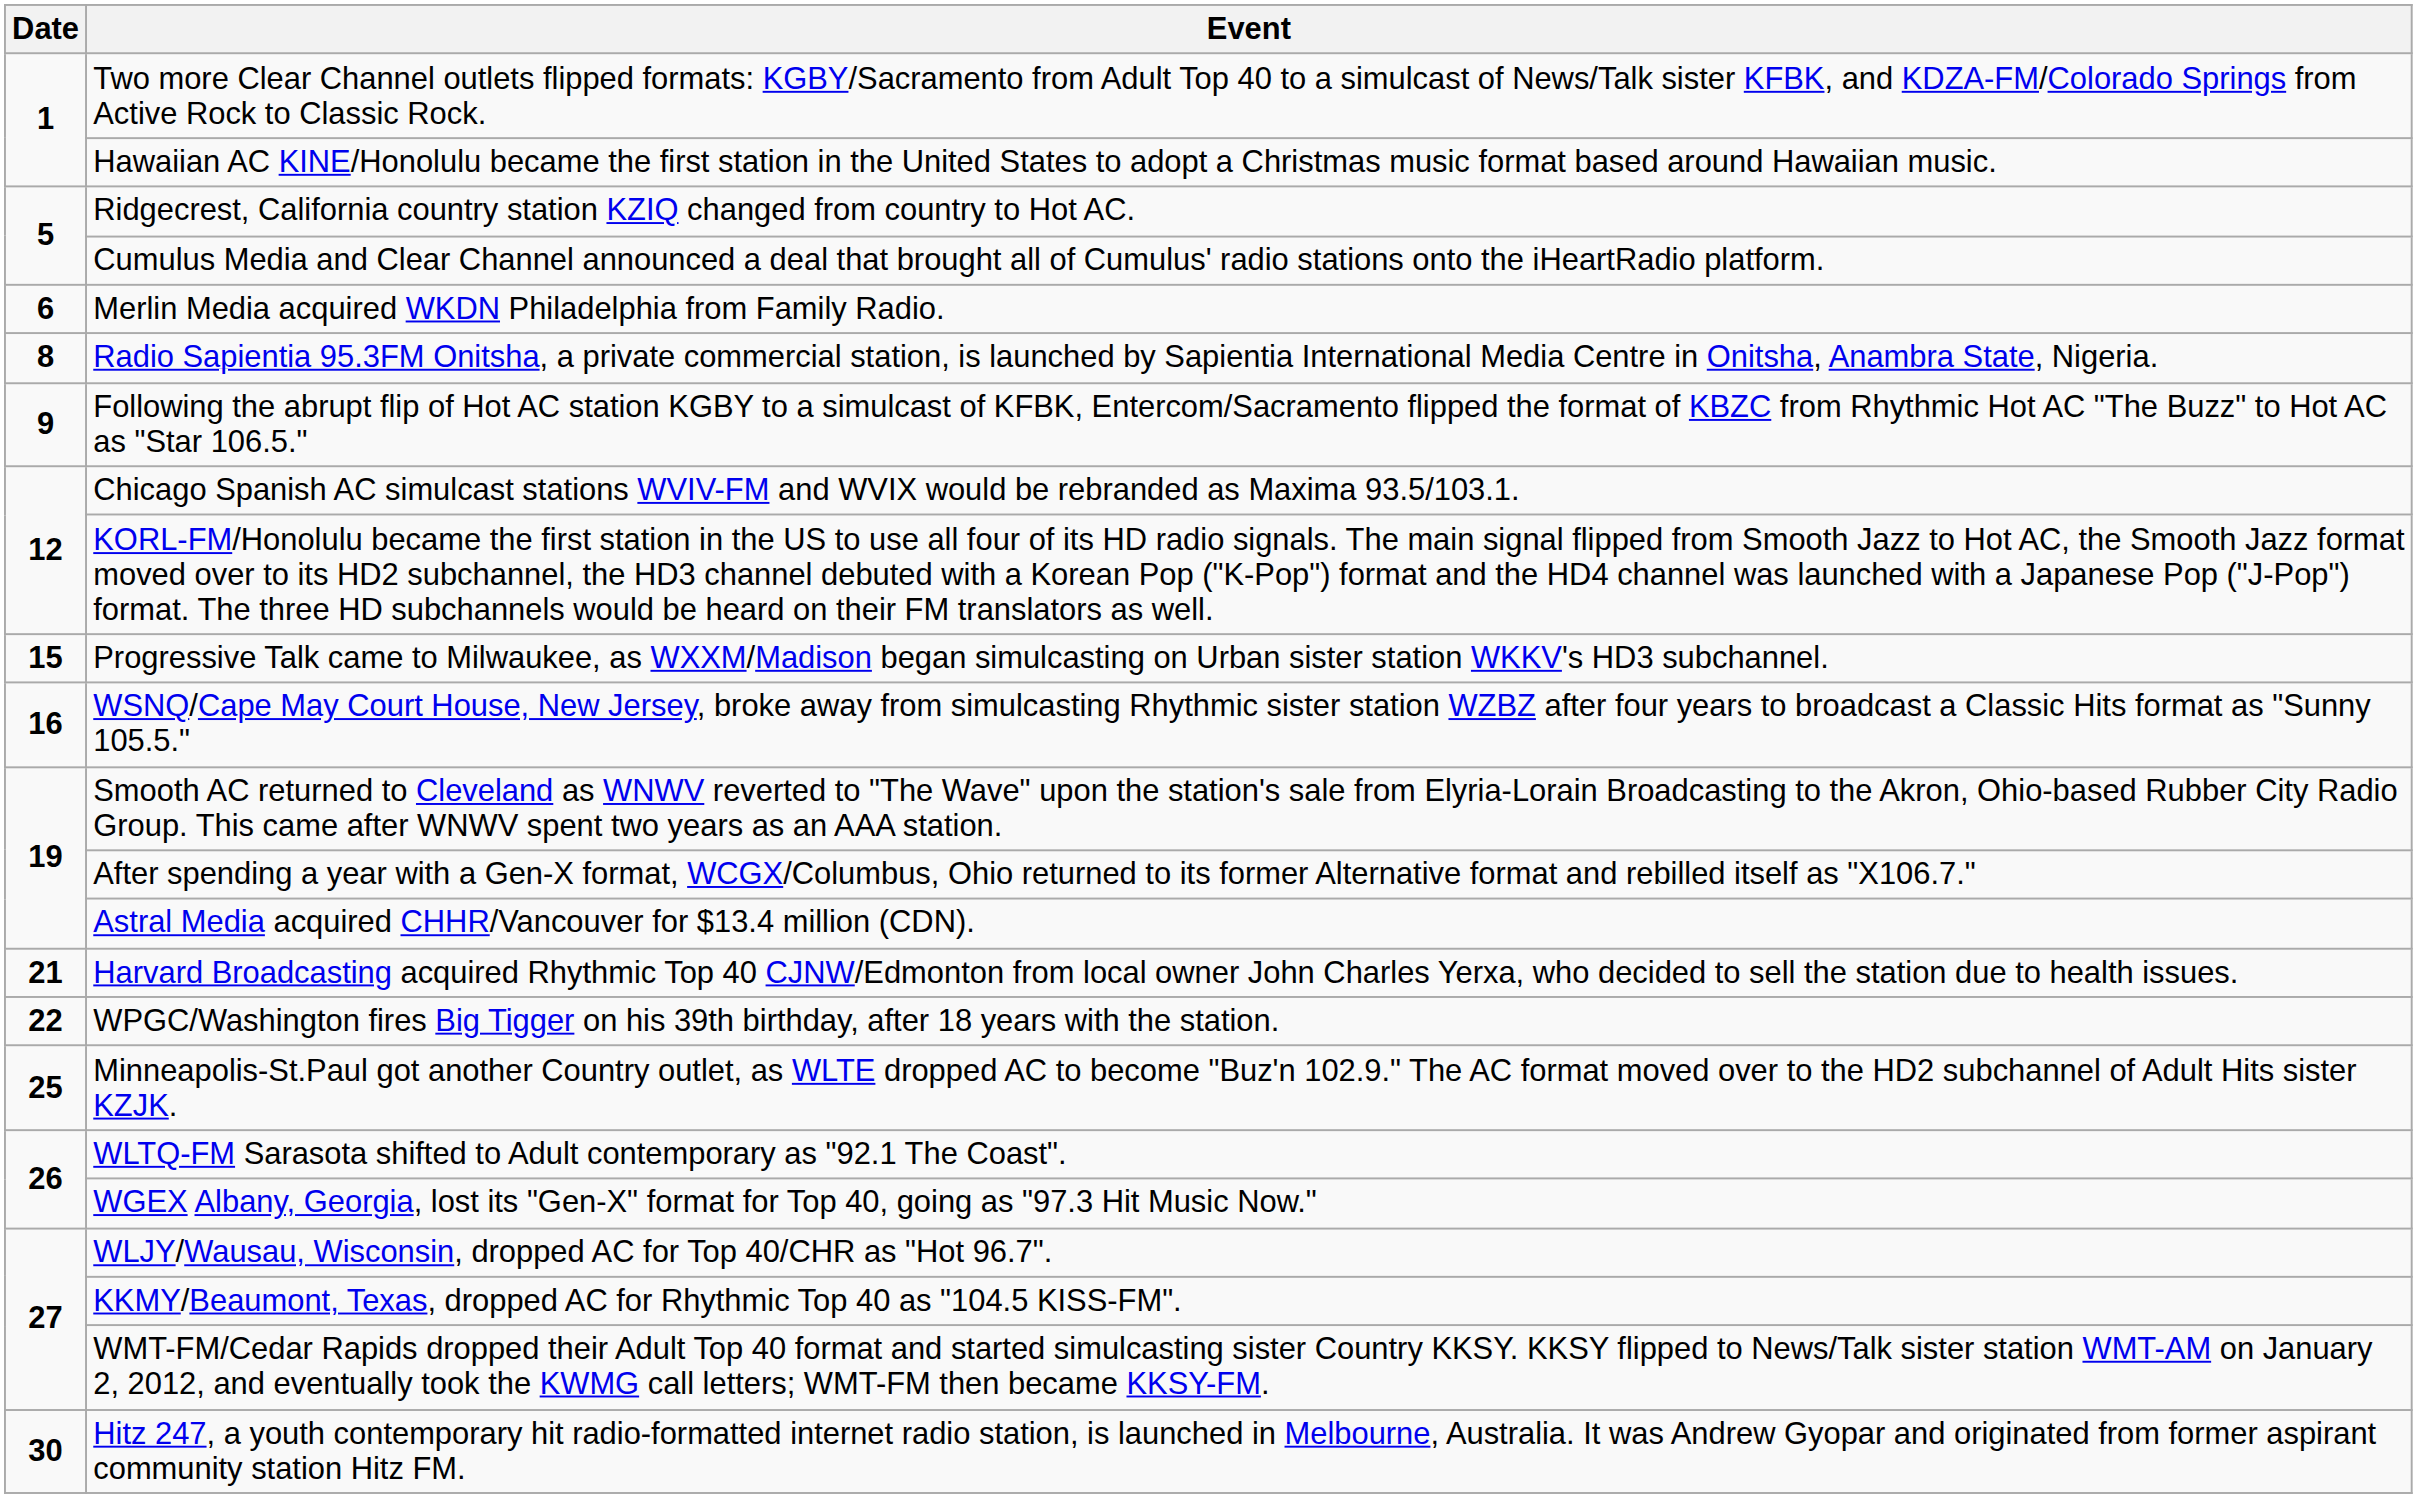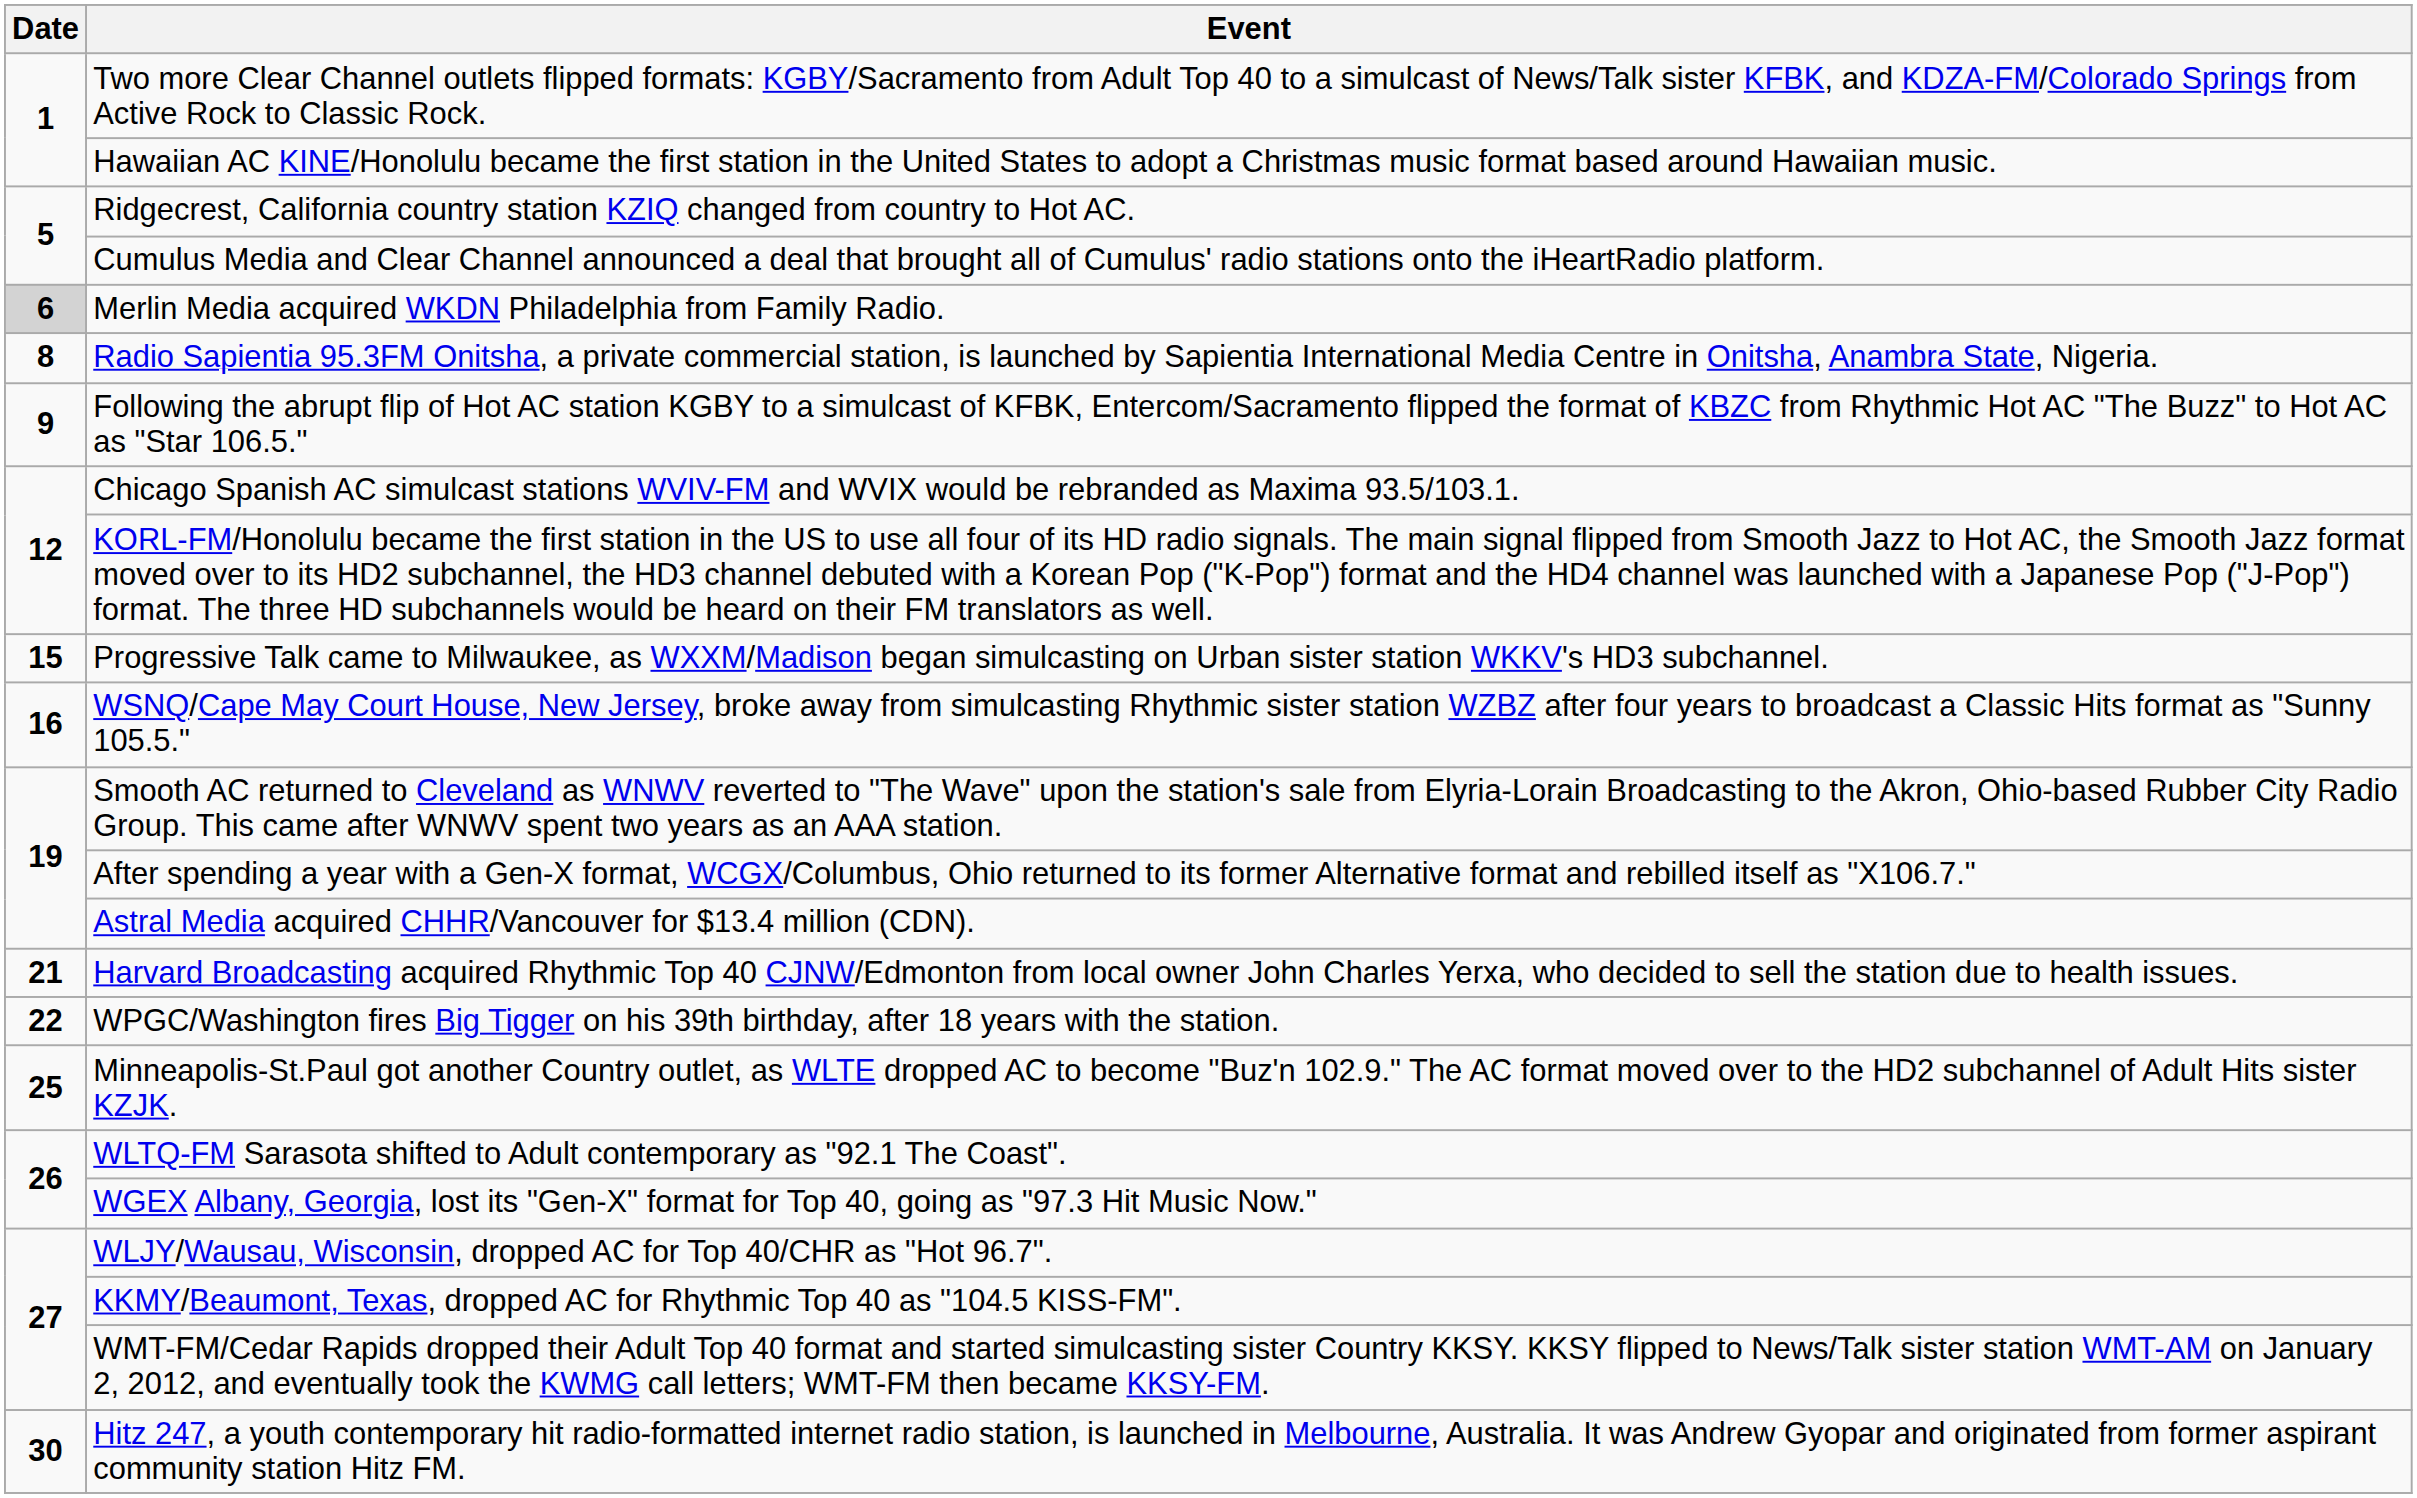 <table class="wikitable">
 <tr>
 <th>Date</th>
 <th>Event</th>
 </tr>
 <tr>
 <td style="text-align:center;" rowspan="2"><strong>1</strong></td>
 <td>Two more Clear Channel outlets flipped formats: <a href='#'>KGBY</a>/Sacramento from Adult Top 40 to a simulcast of News/Talk sister <a href='#'>KFBK</a>, and <a href='#'>KDZA-FM</a>/<a href='#'>Colorado Springs</a> from Active Rock to Classic Rock.</td>
 </tr>
 <tr>
 <td>Hawaiian AC <a href='#'>KINE</a>/Honolulu became the first station in the United States to adopt a Christmas music format based around Hawaiian music.</td>
 </tr>
 <tr>
 <td style="text-align:center;" rowspan="2"><strong>5</strong></td>
 <td>Ridgecrest, California country station <a href='#'>KZIQ</a> changed from country to Hot AC.</td>
 </tr>
 <tr>
 <td>Cumulus Media and Clear Channel announced a deal that brought all of Cumulus' radio stations onto the iHeartRadio platform.</td>
 </tr>
 <tr>
-<td style="text-align:center;"><strong>6</strong></td>
+<td style="background: lightgrey; text-align:center;"><strong>6</strong></td>
 <td>Merlin Media acquired <a href='#'>WKDN</a> Philadelphia from Family Radio.</td>
 </tr>
 <tr>
 <td style="text-align:center;"><strong>8</strong></td>
 <td><a href='#'>Radio Sapientia 95.3FM Onitsha</a>, a private commercial station, is launched by Sapientia International Media Centre in <a href='#'>Onitsha</a>, <a href='#'>Anambra State</a>, Nigeria.</td>
 </tr>
 <tr>
 <td style="text-align:center;"><strong>9</strong></td>
 <td>Following the abrupt flip of Hot AC station KGBY to a simulcast of KFBK, Entercom/Sacramento flipped the format of <a href='#'>KBZC</a> from Rhythmic Hot AC "The Buzz" to Hot AC as "Star 106.5."</td>
 </tr>
 <tr>
 <td style="text-align:center;" rowspan="2"><strong>12</strong></td>
 <td>Chicago Spanish AC simulcast stations <a href='#'>WVIV-FM</a> and WVIX would be rebranded as Maxima 93.5/103.1.</td>
 </tr>
 <tr>
 <td><a href='#'>KORL-FM</a>/Honolulu became the first station in the US to use all four of its HD radio signals. The main signal flipped from Smooth Jazz to Hot AC, the Smooth Jazz format moved over to its HD2 subchannel, the HD3 channel debuted with a Korean Pop ("K-Pop") format and the HD4 channel was launched with a Japanese Pop ("J-Pop") format. The three HD subchannels would be heard on their FM translators as well.</td>
 </tr>
 <tr>
 <td style="text-align:center;"><strong>15</strong></td>
 <td>Progressive Talk came to Milwaukee, as <a href='#'>WXXM</a>/<a href='#'>Madison</a> began simulcasting on Urban sister station <a href='#'>WKKV</a>'s HD3 subchannel.</td>
 </tr>
 <tr>
 <td style="text-align:center;"><strong>16</strong></td>
 <td><a href='#'>WSNQ</a>/<a href='#'>Cape May Court House, New Jersey</a>, broke away from simulcasting Rhythmic sister station <a href='#'>WZBZ</a> after four years to broadcast a Classic Hits format as "Sunny 105.5."</td>
 </tr>
 <tr>
 <td style="text-align:center;" rowspan="3"><strong>19</strong></td>
 <td>Smooth AC returned to <a href='#'>Cleveland</a> as <a href='#'>WNWV</a> reverted to "The Wave" upon the station's sale from Elyria-Lorain Broadcasting to the Akron, Ohio-based Rubber City Radio Group. This came after WNWV spent two years as an AAA station.</td>
 </tr>
 <tr>
 <td>After spending a year with a Gen-X format, <a href='#'>WCGX</a>/Columbus, Ohio returned to its former Alternative format and rebilled itself as "X106.7."</td>
 </tr>
 <tr>
 <td><a href='#'>Astral Media</a> acquired <a href='#'>CHHR</a>/Vancouver for $13.4 million (CDN).</td>
 </tr>
 <tr>
 <td style="text-align:center;"><strong>21</strong></td>
 <td><a href='#'>Harvard Broadcasting</a> acquired Rhythmic Top 40 <a href='#'>CJNW</a>/Edmonton from local owner John Charles Yerxa, who decided to sell the station due to health issues.</td>
 </tr>
 <tr>
 <td style="text-align:center;"><strong>22</strong></td>
 <td>WPGC/Washington fires <a href='#'>Big Tigger</a> on his 39th birthday, after 18 years with the station.</td>
 </tr>
 <tr>
 <td style="text-align:center;"><strong>25</strong></td>
 <td>Minneapolis-St.Paul got another Country outlet, as <a href='#'>WLTE</a> dropped AC to become "Buz'n 102.9." The AC format moved over to the HD2 subchannel of Adult Hits sister <a href='#'>KZJK</a>.</td>
 </tr>
 <tr>
 <td style="text-align:center;" rowspan="2"><strong>26</strong></td>
 <td><a href='#'>WLTQ-FM</a> Sarasota shifted to Adult contemporary as "92.1 The Coast".</td>
 </tr>
 <tr>
 <td><a href='#'>WGEX</a> <a href='#'>Albany, Georgia</a>, lost its "Gen-X" format for Top 40, going as "97.3 Hit Music Now."</td>
 </tr>
 <tr>
 <td style="text-align:center;" rowspan="3"><strong>27</strong></td>
 <td><a href='#'>WLJY</a>/<a href='#'>Wausau, Wisconsin</a>, dropped AC for Top 40/CHR as "Hot 96.7".</td>
 </tr>
 <tr>
 <td><a href='#'>KKMY</a>/<a href='#'>Beaumont, Texas</a>, dropped AC for Rhythmic Top 40 as "104.5 KISS-FM".</td>
 </tr>
 <tr>
 <td>WMT-FM/Cedar Rapids dropped their Adult Top 40 format and started simulcasting sister Country KKSY. KKSY flipped to News/Talk sister station <a href='#'>WMT-AM</a> on January 2, 2012, and eventually took the <a href='#'>KWMG</a> call letters; WMT-FM then became <a href='#'>KKSY-FM</a>.</td>
 </tr>
 <tr>
 <td style="text-align:center;"><strong>30</strong></td>
 <td><a href='#'>Hitz 247</a>, a youth contemporary hit radio-formatted internet radio station, is launched in <a href='#'>Melbourne</a>, Australia. It was Andrew Gyopar and originated from former aspirant community station Hitz FM.</td>
 </tr>
 </table>
